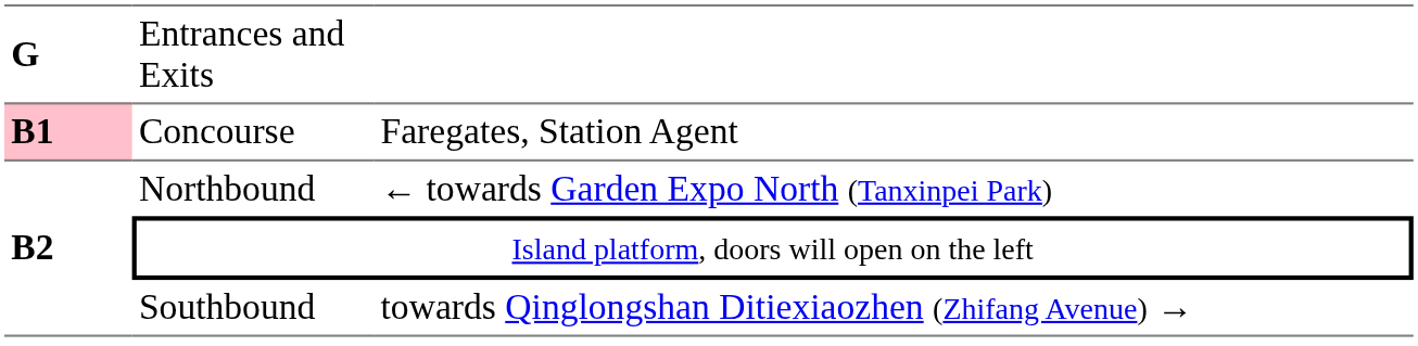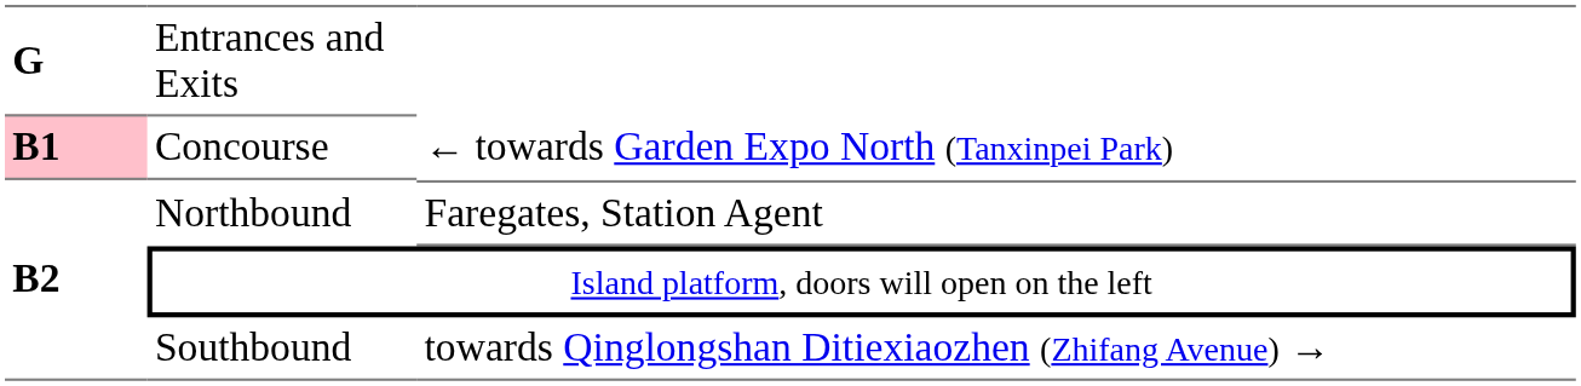 <table table border=0 cellspacing=0 cellpadding=3>
 <tr>
 <td style="border-top:solid 1px gray;border-bottom:solid 0px gray;" width=50><strong>G</strong></td>
 <td style="border-top:solid 1px gray;border-bottom:solid 0px gray;" width=100>Entrances and Exits</td>
 <td style="border-top:solid 1px gray;border-bottom:solid 0px gray;" width=450></td>
 </tr>
 <tr>
 <td style="background: pink; border-top:solid 1px gray;border-bottom:solid 1px gray;" width=50><strong>B1</strong></td>
 <td style="border-top:solid 1px gray;border-bottom:solid 1px gray;" width=100>Concourse</td>
-<td style="border-top:solid 1px gray;border-bottom:solid 1px gray;" width=450>Faregates, Station Agent</td>
+<td>←  towards <a href='#'>Garden Expo North</a> <small>(<a href='#'>Tanxinpei Park</a>)</small></td>
 </tr>
 <tr>
 <td style="border-bottom:solid 1px gray;" rowspan=3><strong>B2</strong></td>
 <td>Northbound</td>
-<td>←  towards <a href='#'>Garden Expo North</a> <small>(<a href='#'>Tanxinpei Park</a>)</small></td>
+<td style="border-top:solid 1px gray;border-bottom:solid 1px gray;" width=450>Faregates, Station Agent</td>
 </tr>
 <tr>
 <td style="border-right:solid 2px black;border-left:solid 2px black;border-top:solid 2px black;border-bottom:solid 2px black;text-align:center;" colspan=2><small><a href='#'>Island platform</a>, doors will open on the left</small></td>
 </tr>
 <tr>
 <td style="border-bottom:solid 1px gray;">Southbound</td>
 <td style="border-bottom:solid 1px gray;"> towards <a href='#'>Qinglongshan Ditiexiaozhen</a> <small>(<a href='#'>Zhifang Avenue</a>)</small> →</td>
 </tr>
 </table>
